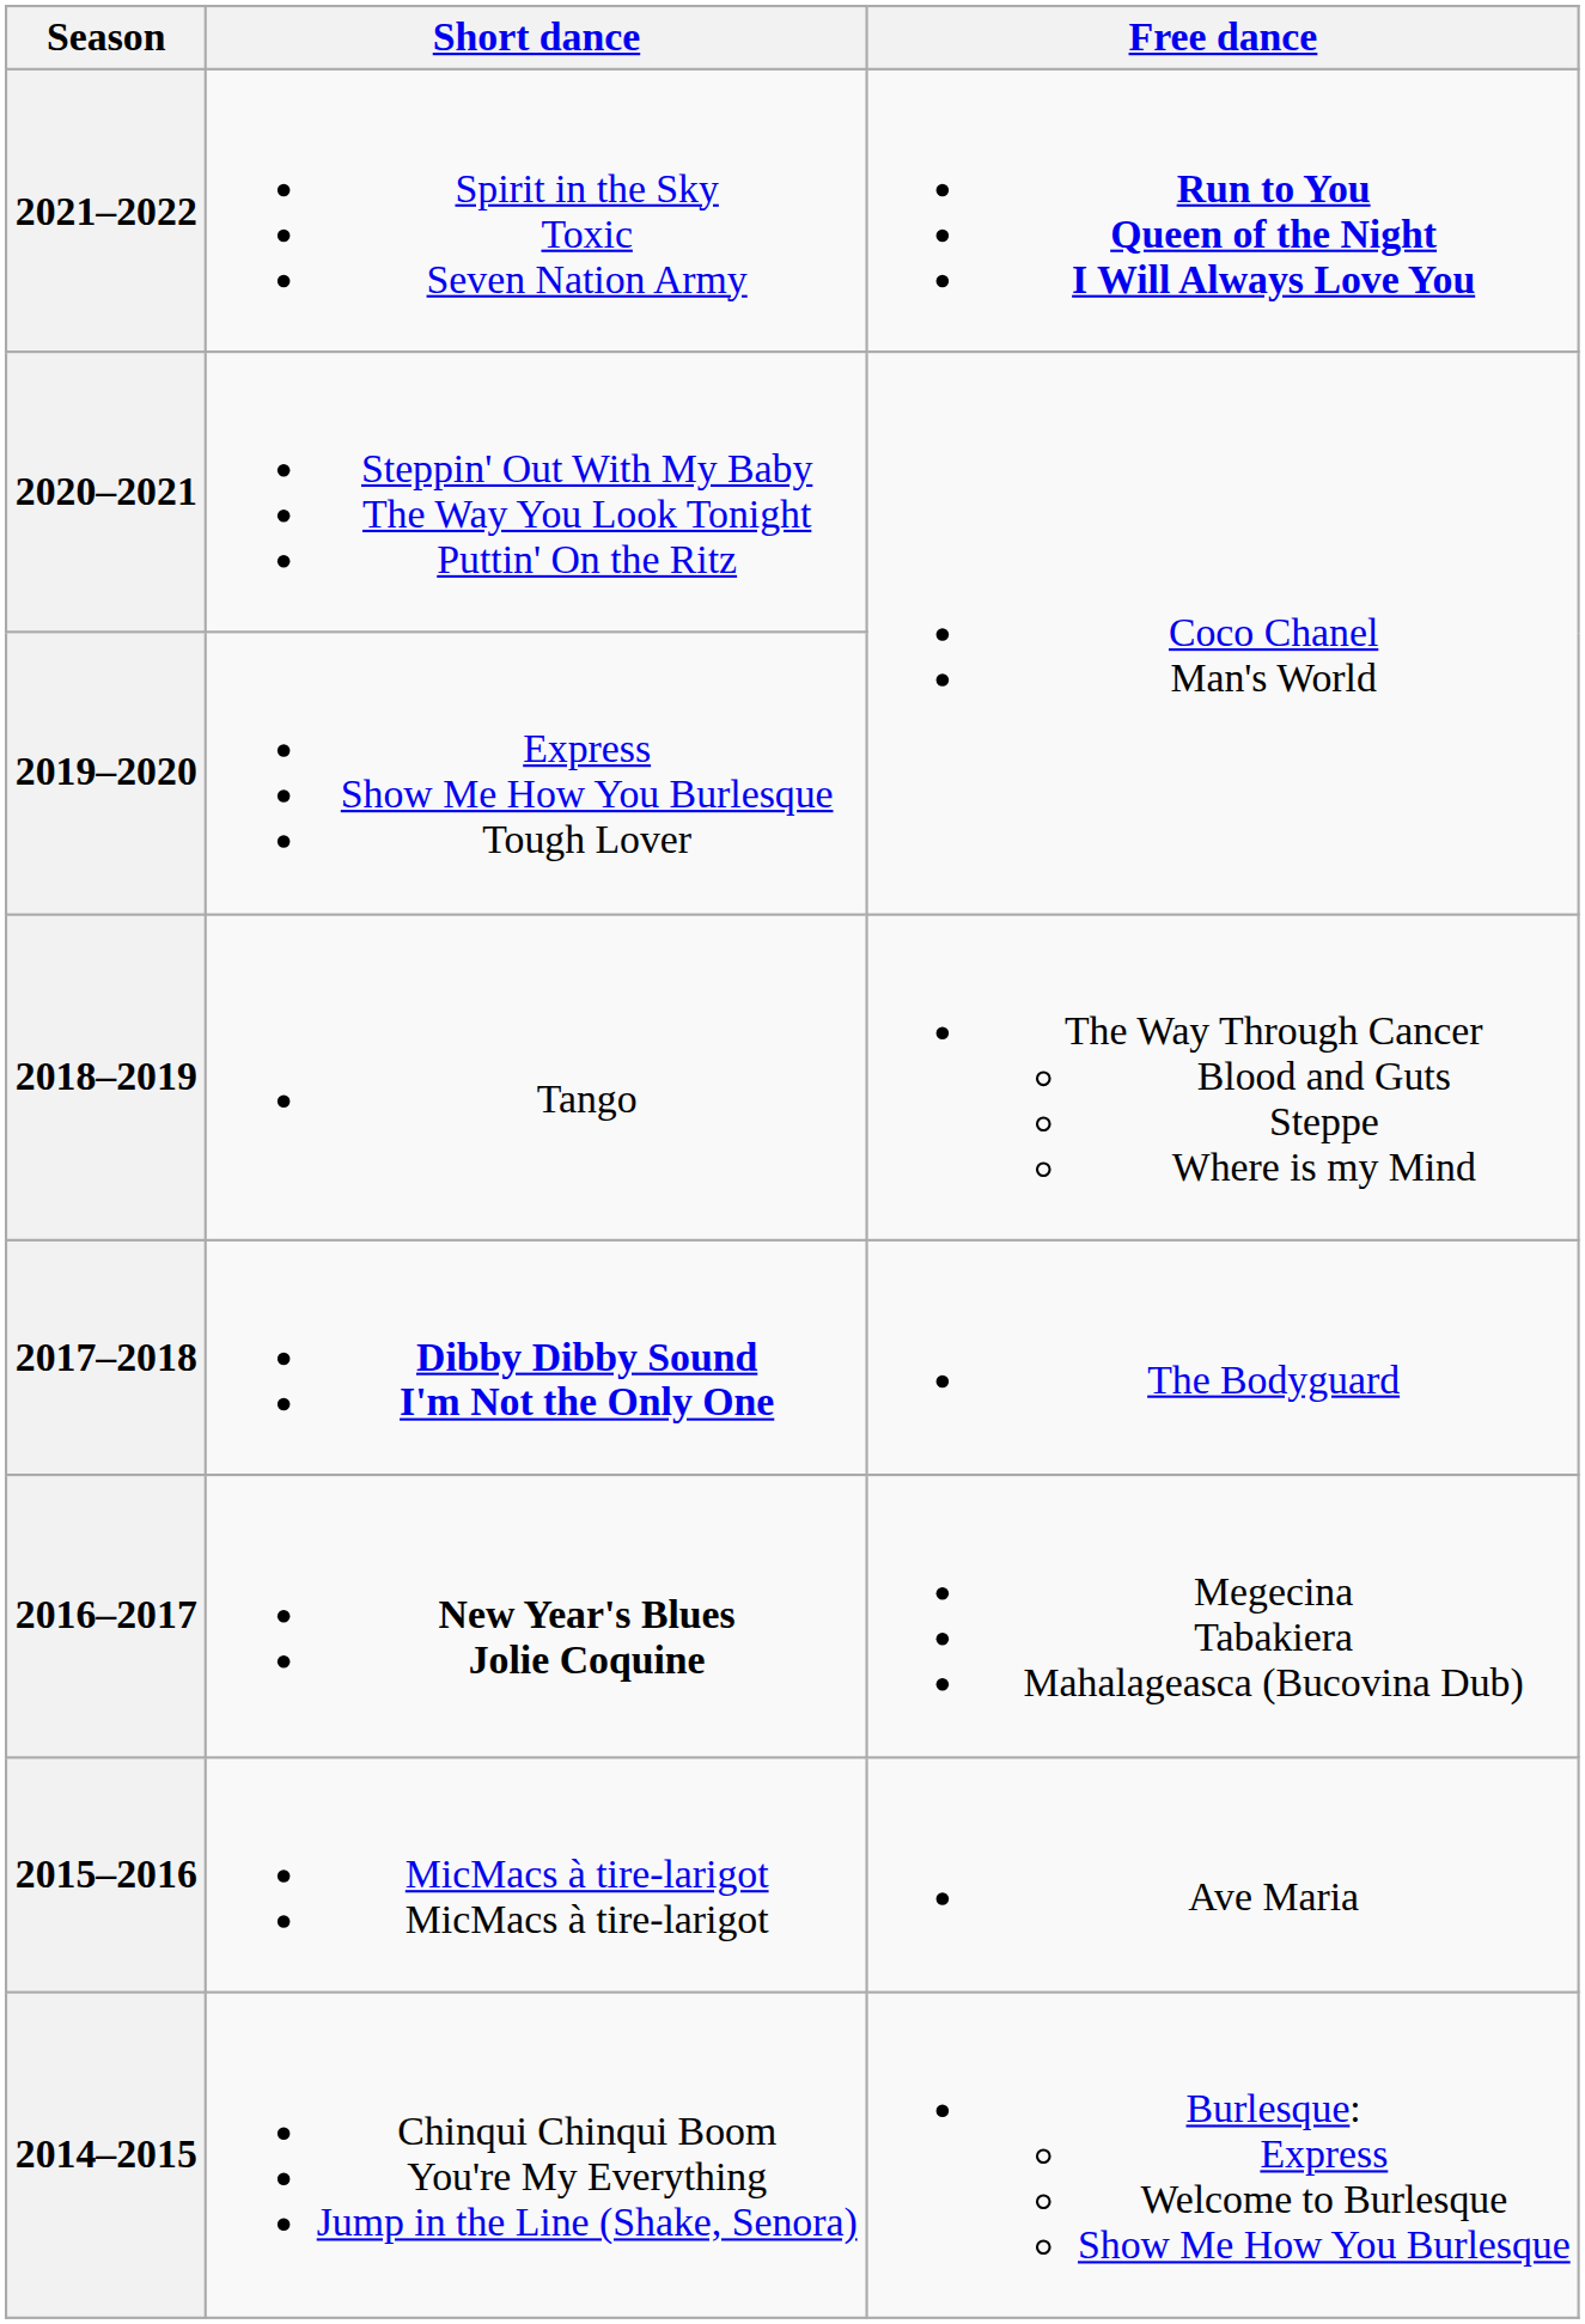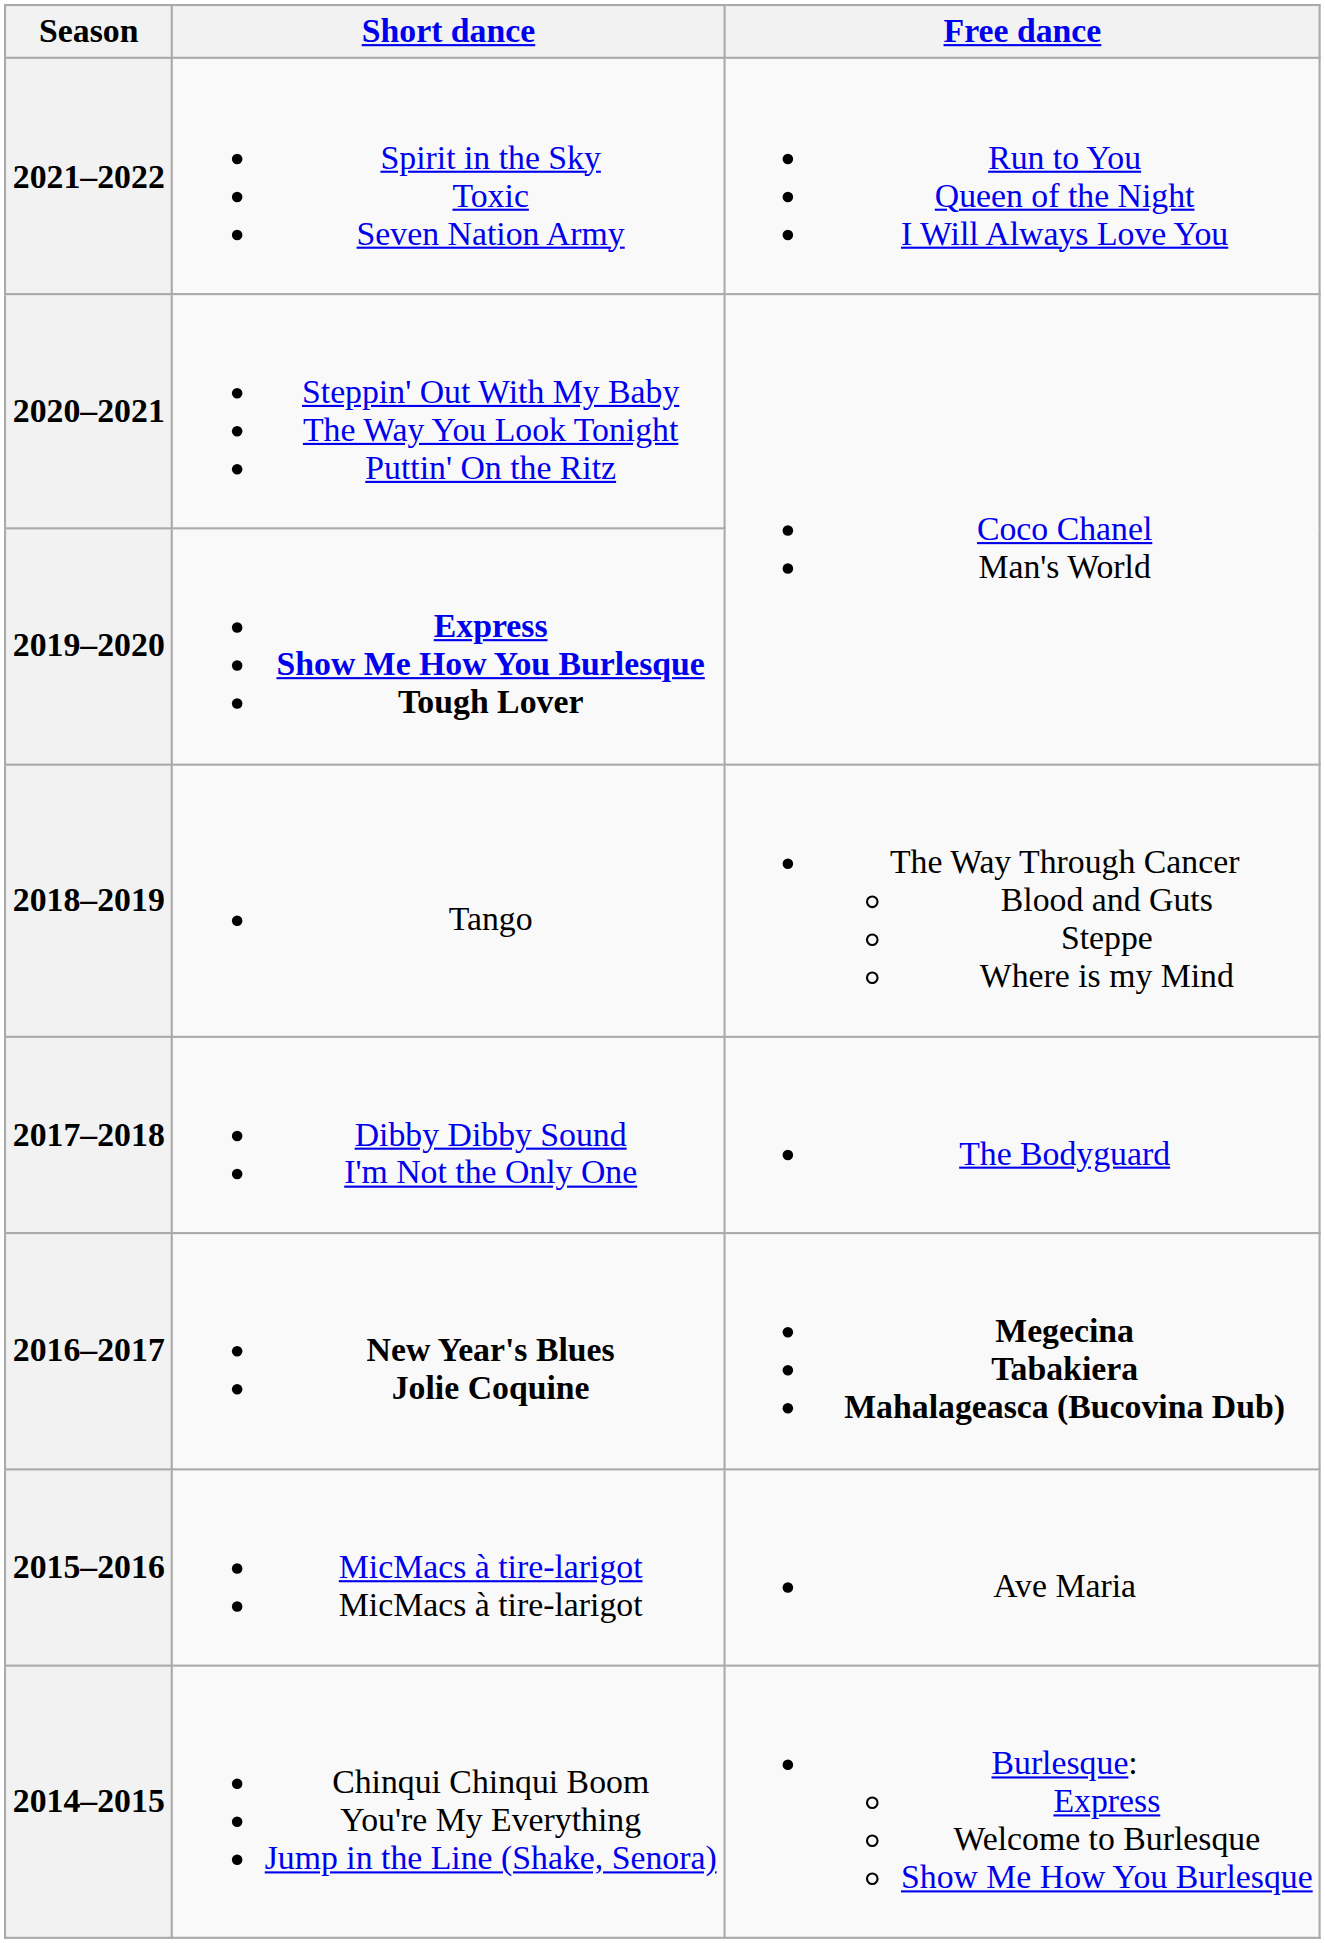 <table class=wikitable style=text-align:center>
 <tr>
 <th>Season</th>
 <th><a href='#'>Short dance</a></th>
 <th><a href='#'>Free dance</a></th>
 </tr>
 <tr>
 <th>2021–2022 <br> </th>
 <td><br><ul><li><a href='#'>Spirit in the Sky</a> <br> </li><li><a href='#'>Toxic</a> <br> </li><li><a href='#'>Seven Nation Army</a> <br> </li></ul></td>
-<td><strong><br><ul><li><a href='#'>Run to You</a> <br> </li><li><a href='#'>Queen of the Night</a> <br> </li><li><a href='#'>I Will Always Love You</a> <br> </li></ul></strong></td>
+<td><br><ul><li><a href='#'>Run to You</a> <br> </li><li><a href='#'>Queen of the Night</a> <br> </li><li><a href='#'>I Will Always Love You</a> <br> </li></ul></td>
 </tr>
 <tr>
 <th>2020–2021 <br> </th>
 <td><br><ul><li> <a href='#'>Steppin' Out With My Baby</a> <br></li><li> <a href='#'>The Way You Look Tonight</a> <br> </li><li> <a href='#'>Puttin' On the Ritz</a> <br> </li></ul></td>
 <td rowspan=2><br><ul><li><a href='#'>Coco Chanel</a> <br> </li><li>Man's World</li></ul></td>
 </tr>
 <tr>
 <th>2019–2020 <br> </th>
-<td><br><ul><li> <a href='#'>Express</a></li><li> <a href='#'>Show Me How You Burlesque</a></li><li> Tough Lover <br> </li></ul></td>
+<td><strong><br><ul><li> <a href='#'>Express</a></li><li> <a href='#'>Show Me How You Burlesque</a></li><li> Tough Lover <br> </li></ul></strong></td>
 </tr>
 <tr>
 <th>2018–2019 <br> </th>
 <td><br><ul><li>Tango</li></ul></td>
 <td><br><ul><li>The Way Through Cancer<ul><li>Blood and Guts</li><li>Steppe <br> </li><li>Where is my Mind <br> </li></ul></li></ul></td>
 </tr>
 <tr>
 <th>2017–2018</th>
-<td><strong><br><ul><li><a href='#'>Dibby Dibby Sound</a> <br></li><li><a href='#'>I'm Not the Only One</a> <br></li></ul></strong></td>
+<td><br><ul><li><a href='#'>Dibby Dibby Sound</a> <br></li><li><a href='#'>I'm Not the Only One</a> <br></li></ul></td>
 <td><br><ul><li><a href='#'>The Bodyguard</a> <br></li></ul></td>
 </tr>
 <tr>
 <th>2016–2017 <br> </th>
 <td><strong><br><ul><li> New Year's Blues</li><li> Jolie Coquine</li></ul></strong></td>
-<td><br><ul><li>Megecina</li><li>Tabakiera</li><li>Mahalageasca (Bucovina Dub)</li></ul></td>
+<td><strong><br><ul><li>Megecina</li><li>Tabakiera</li><li>Mahalageasca (Bucovina Dub)</li></ul></strong></td>
 </tr>
 <tr>
 <th>2015–2016 <br> </th>
 <td><br><ul><li> <a href='#'>MicMacs à tire-larigot</a></li><li> MicMacs à tire-larigot</li></ul></td>
 <td><br><ul><li>Ave Maria <br></li></ul></td>
 </tr>
 <tr>
 <th>2014–2015 <br> </th>
 <td><br><ul><li> Chinqui Chinqui Boom</li><li> You're My Everything</li><li> <a href='#'>Jump in the Line (Shake, Senora)</a></li></ul></td>
 <td><br><ul><li><a href='#'>Burlesque</a>:<ul><li><a href='#'>Express</a> <br></li><li>Welcome to Burlesque <br></li><li><a href='#'>Show Me How You Burlesque</a> <br></li></ul></li></ul></td>
 </tr>
 </table>
